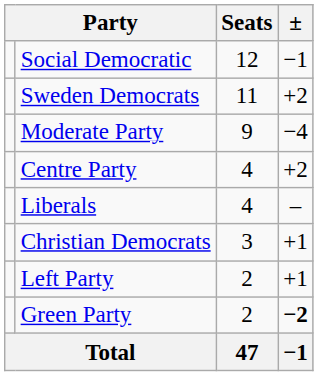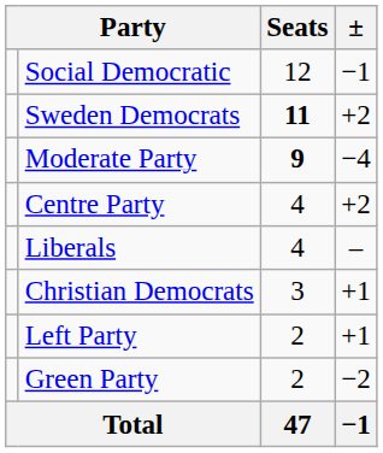 <table class=wikitable style=text-align:center>
 <tr>
 <th colspan=2>Party</th>
 <th>Seats</th>
 <th>±</th>
 </tr>
 <tr>
 <td bgcolor=></td>
 <td align=left><a href='#'>Social Democratic</a></td>
 <td>12</td>
 <td>−1</td>
 </tr>
 <tr>
 <td bgcolor=></td>
 <td align=left><a href='#'>Sweden Democrats</a></td>
-<td>11</td>
+<td><strong>11</strong></td>
 <td>+2</td>
 </tr>
 <tr>
 <td bgcolor=></td>
 <td align=left><a href='#'>Moderate Party</a></td>
-<td>9</td>
+<td><strong>9</strong></td>
 <td>−4</td>
 </tr>
 <tr>
 <td bgcolor=></td>
 <td align=left><a href='#'>Centre Party</a></td>
 <td>4</td>
 <td>+2</td>
 </tr>
 <tr>
 <td bgcolor=></td>
 <td align=left><a href='#'>Liberals</a></td>
 <td>4</td>
 <td>–</td>
 </tr>
 <tr>
 <td bgcolor=></td>
 <td align=left><a href='#'>Christian Democrats</a></td>
 <td>3</td>
 <td>+1</td>
 </tr>
 <tr>
 <td bgcolor=></td>
 <td align=left><a href='#'>Left Party</a></td>
 <td>2</td>
 <td>+1</td>
 </tr>
 <tr>
 <td bgcolor=></td>
 <td align=left><a href='#'>Green Party</a></td>
 <td>2</td>
-<td><strong>−2</strong></td>
+<td>−2</td>
 </tr>
 <tr>
 <th colspan=2>Total</th>
 <th>47</th>
 <th>−1</th>
 </tr>
 </table>
